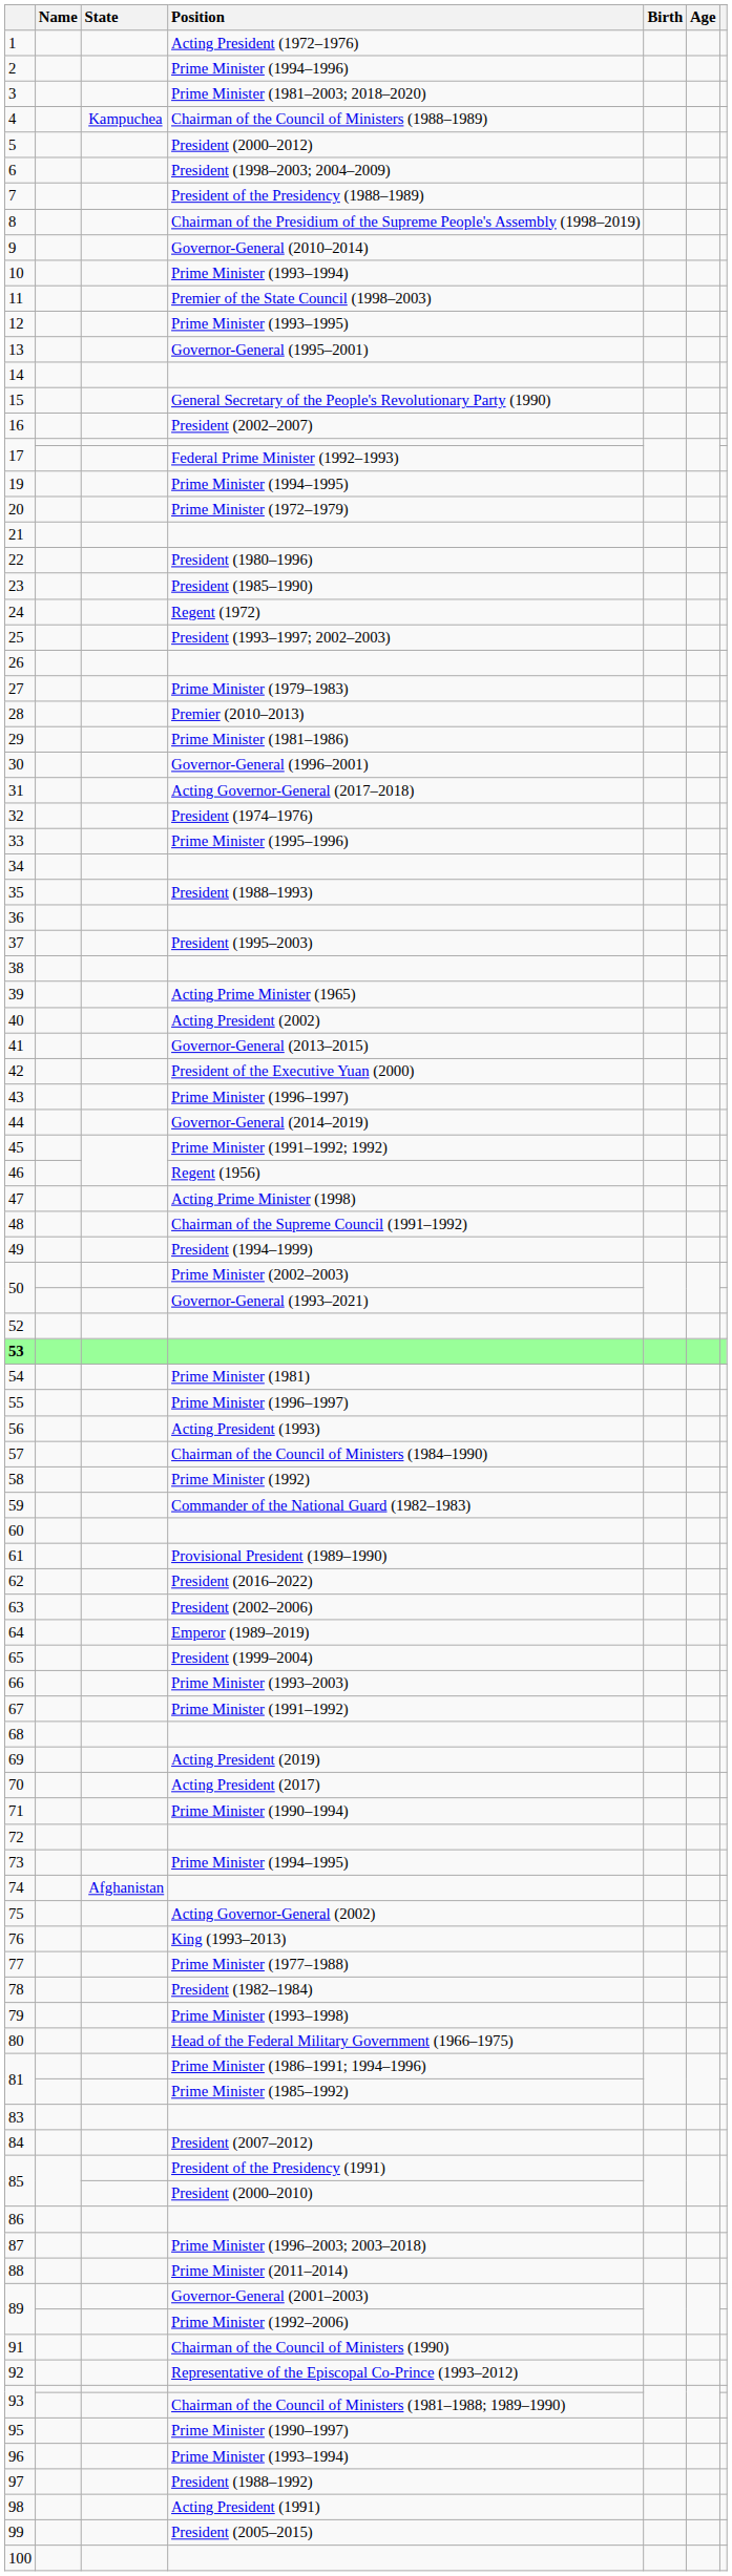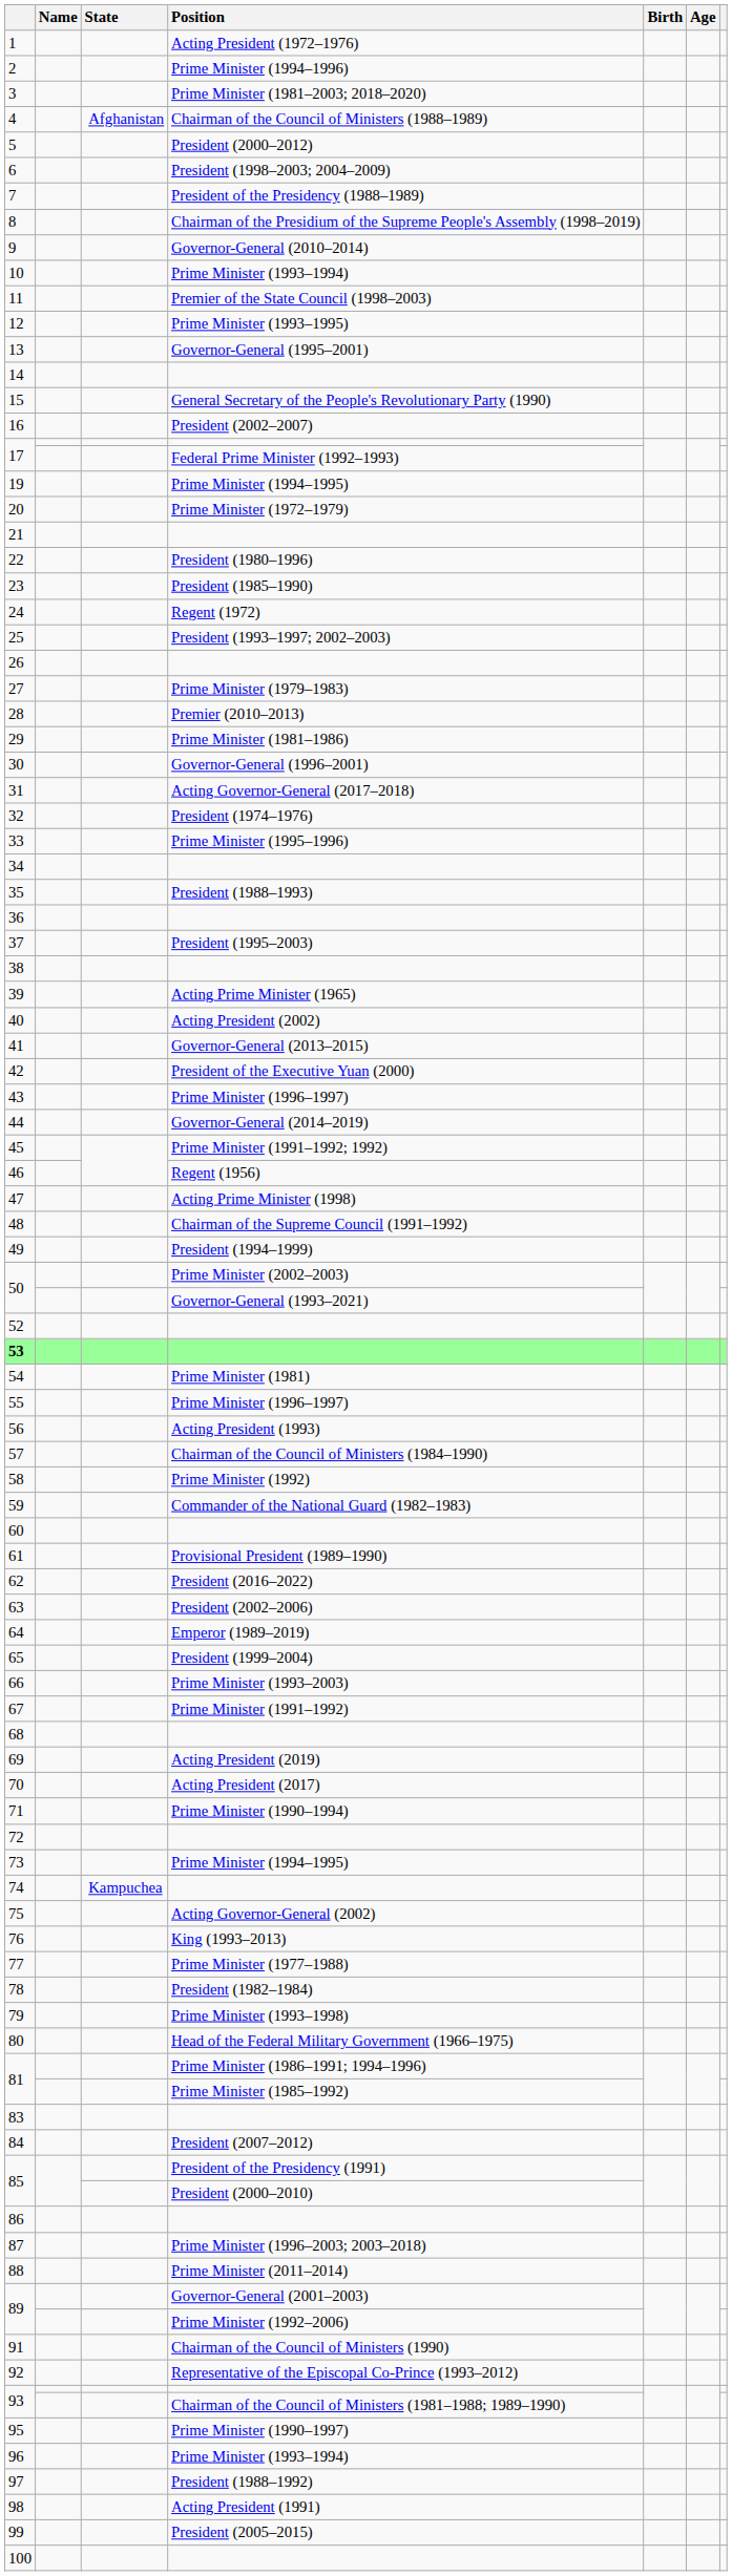 <table class="wikitable sortable" style="font-size:95%">
 <tr>
 <th style="text-align:left"></th>
 <th style="text-align:left">Name</th>
 <th style="text-align:left">State</th>
 <th style="text-align:left">Position</th>
 <th style="text-align:left">Birth</th>
 <th style="text-align:left">Age</th>
 <th style="text-align:left"></th>
 </tr>
 <tr>
 <td>1</td>
 <td></td>
 <td></td>
 <td><a href='#'>Acting President</a> (1972–1976)</td>
 <td></td>
 <td></td>
 <td></td>
 </tr>
 <tr>
 <td>2</td>
 <td></td>
 <td></td>
 <td><a href='#'>Prime Minister</a> (1994–1996)</td>
 <td></td>
 <td></td>
 <td></td>
 </tr>
 <tr>
 <td>3</td>
 <td></td>
 <td></td>
 <td><a href='#'>Prime Minister</a> (1981–2003; 2018–2020)</td>
 <td></td>
 <td></td>
 <td></td>
 </tr>
 <tr>
 <td>4</td>
 <td></td>
-<td> <a href='#'>Kampuchea</a></td>
+<td> <a href='#'>Afghanistan</a></td>
 <td><a href='#'>Chairman of the Council of Ministers</a> (1988–1989)</td>
 <td></td>
 <td></td>
 <td></td>
 </tr>
 <tr>
 <td>5</td>
 <td></td>
 <td></td>
 <td><a href='#'>President</a> (2000–2012)</td>
 <td></td>
 <td></td>
 <td></td>
 </tr>
 <tr>
 <td>6</td>
 <td></td>
 <td></td>
 <td><a href='#'>President</a> (1998–2003; 2004–2009)</td>
 <td></td>
 <td></td>
 <td></td>
 </tr>
 <tr>
 <td>7</td>
 <td></td>
 <td></td>
 <td><a href='#'>President of the Presidency</a> (1988–1989)</td>
 <td></td>
 <td></td>
 <td></td>
 </tr>
 <tr>
 <td>8</td>
 <td></td>
 <td></td>
 <td><a href='#'>Chairman of the Presidium of the Supreme People's Assembly</a> (1998–2019)</td>
 <td></td>
 <td></td>
 <td></td>
 </tr>
 <tr>
 <td>9</td>
 <td></td>
 <td></td>
 <td><a href='#'>Governor-General</a> (2010–2014)</td>
 <td></td>
 <td></td>
 <td></td>
 </tr>
 <tr>
 <td>10</td>
 <td></td>
 <td></td>
 <td><a href='#'>Prime Minister</a> (1993–1994)</td>
 <td></td>
 <td></td>
 <td></td>
 </tr>
 <tr>
 <td>11</td>
 <td></td>
 <td></td>
 <td><a href='#'>Premier of the State Council</a> (1998–2003)</td>
 <td></td>
 <td></td>
 <td></td>
 </tr>
 <tr>
 <td>12</td>
 <td></td>
 <td></td>
 <td><a href='#'>Prime Minister</a> (1993–1995)</td>
 <td></td>
 <td></td>
 <td></td>
 </tr>
 <tr>
 <td>13</td>
 <td></td>
 <td></td>
 <td><a href='#'>Governor-General</a> (1995–2001)</td>
 <td></td>
 <td></td>
 <td></td>
 </tr>
 <tr>
 <td>14</td>
 <td></td>
 <td></td>
 <td></td>
 <td></td>
 <td></td>
 <td></td>
 </tr>
 <tr>
 <td>15</td>
 <td></td>
 <td></td>
 <td><a href='#'>General Secretary of the People's Revolutionary Party</a> (1990)</td>
 <td></td>
 <td></td>
 <td></td>
 </tr>
 <tr>
 <td>16</td>
 <td></td>
 <td></td>
 <td><a href='#'>President</a> (2002–2007)</td>
 <td></td>
 <td></td>
 <td></td>
 </tr>
 <tr>
 <td rowspan=2>17</td>
 <td></td>
 <td></td>
 <td></td>
 <td rowspan=2></td>
 <td rowspan=2></td>
 <td></td>
 </tr>
 <tr>
 <td></td>
 <td></td>
 <td><a href='#'>Federal Prime Minister</a> (1992–1993)</td>
 <td></td>
 </tr>
 <tr>
 <td>19</td>
 <td></td>
 <td></td>
 <td><a href='#'>Prime Minister</a> (1994–1995)</td>
 <td></td>
 <td></td>
 <td></td>
 </tr>
 <tr>
 <td>20</td>
 <td></td>
 <td></td>
 <td><a href='#'>Prime Minister</a> (1972–1979)</td>
 <td></td>
 <td></td>
 <td></td>
 </tr>
 <tr>
 <td>21</td>
 <td></td>
 <td></td>
 <td></td>
 <td></td>
 <td></td>
 <td></td>
 </tr>
 <tr>
 <td>22</td>
 <td></td>
 <td></td>
 <td><a href='#'>President</a> (1980–1996)</td>
 <td></td>
 <td></td>
 <td></td>
 </tr>
 <tr>
 <td>23</td>
 <td></td>
 <td></td>
 <td><a href='#'>President</a> (1985–1990)</td>
 <td></td>
 <td></td>
 <td></td>
 </tr>
 <tr>
 <td>24</td>
 <td></td>
 <td></td>
 <td><a href='#'>Regent</a> (1972)</td>
 <td></td>
 <td></td>
 <td></td>
 </tr>
 <tr>
 <td>25</td>
 <td></td>
 <td></td>
 <td><a href='#'>President</a> (1993–1997; 2002–2003)</td>
 <td></td>
 <td></td>
 <td></td>
 </tr>
 <tr>
 <td>26</td>
 <td></td>
 <td></td>
 <td></td>
 <td></td>
 <td></td>
 <td></td>
 </tr>
 <tr>
 <td>27</td>
 <td></td>
 <td></td>
 <td><a href='#'>Prime Minister</a> (1979–1983)</td>
 <td></td>
 <td></td>
 <td></td>
 </tr>
 <tr>
 <td>28</td>
 <td></td>
 <td></td>
 <td><a href='#'>Premier</a> (2010–2013)</td>
 <td></td>
 <td></td>
 <td></td>
 </tr>
 <tr>
 <td>29</td>
 <td></td>
 <td></td>
 <td><a href='#'>Prime Minister</a> (1981–1986)</td>
 <td></td>
 <td></td>
 <td></td>
 </tr>
 <tr>
 <td>30</td>
 <td></td>
 <td></td>
 <td><a href='#'>Governor-General</a> (1996–2001)</td>
 <td></td>
 <td></td>
 <td></td>
 </tr>
 <tr>
 <td>31</td>
 <td></td>
 <td></td>
 <td><a href='#'>Acting Governor-General</a> (2017–2018)</td>
 <td></td>
 <td></td>
 <td></td>
 </tr>
 <tr>
 <td>32</td>
 <td></td>
 <td></td>
 <td><a href='#'>President</a> (1974–1976)</td>
 <td></td>
 <td></td>
 <td></td>
 </tr>
 <tr>
 <td>33</td>
 <td></td>
 <td></td>
 <td><a href='#'>Prime Minister</a> (1995–1996)</td>
 <td></td>
 <td></td>
 <td></td>
 </tr>
 <tr>
 <td>34</td>
 <td></td>
 <td></td>
 <td></td>
 <td></td>
 <td></td>
 <td></td>
 </tr>
 <tr>
 <td>35</td>
 <td></td>
 <td></td>
 <td><a href='#'>President</a> (1988–1993)</td>
 <td></td>
 <td></td>
 <td></td>
 </tr>
 <tr>
 <td>36</td>
 <td></td>
 <td></td>
 <td></td>
 <td></td>
 <td></td>
 <td></td>
 </tr>
 <tr>
 <td>37</td>
 <td></td>
 <td></td>
 <td><a href='#'>President</a> (1995–2003)</td>
 <td></td>
 <td></td>
 <td></td>
 </tr>
 <tr>
 <td>38</td>
 <td></td>
 <td></td>
 <td></td>
 <td></td>
 <td></td>
 <td></td>
 </tr>
 <tr>
 <td>39</td>
 <td></td>
 <td></td>
 <td><a href='#'>Acting Prime Minister</a> (1965)</td>
 <td></td>
 <td></td>
 <td></td>
 </tr>
 <tr>
 <td>40</td>
 <td></td>
 <td></td>
 <td><a href='#'>Acting President</a> (2002)</td>
 <td></td>
 <td></td>
 <td></td>
 </tr>
 <tr>
 <td>41</td>
 <td></td>
 <td></td>
 <td><a href='#'>Governor-General</a> (2013–2015)</td>
 <td></td>
 <td></td>
 <td></td>
 </tr>
 <tr>
 <td>42</td>
 <td></td>
 <td></td>
 <td><a href='#'>President of the Executive Yuan</a> (2000)</td>
 <td></td>
 <td></td>
 <td></td>
 </tr>
 <tr>
 <td>43</td>
 <td></td>
 <td></td>
 <td><a href='#'>Prime Minister</a> (1996–1997)</td>
 <td></td>
 <td></td>
 <td></td>
 </tr>
 <tr>
 <td>44</td>
 <td></td>
 <td></td>
 <td><a href='#'>Governor-General</a> (2014–2019)</td>
 <td></td>
 <td></td>
 <td></td>
 </tr>
 <tr>
 <td>45</td>
 <td></td>
 <td rowspan="2"></td>
 <td><a href='#'>Prime Minister</a> (1991–1992; 1992)</td>
 <td></td>
 <td></td>
 <td></td>
 </tr>
 <tr>
 <td>46</td>
 <td></td>
 <td><a href='#'>Regent</a> (1956)</td>
 <td></td>
 <td></td>
 <td></td>
 </tr>
 <tr>
 <td>47</td>
 <td></td>
 <td></td>
 <td><a href='#'>Acting Prime Minister</a> (1998)</td>
 <td></td>
 <td></td>
 <td></td>
 </tr>
 <tr>
 <td>48</td>
 <td></td>
 <td></td>
 <td><a href='#'>Chairman of the Supreme Council</a> (1991–1992)</td>
 <td></td>
 <td></td>
 <td></td>
 </tr>
 <tr>
 <td>49</td>
 <td></td>
 <td></td>
 <td><a href='#'>President</a> (1994–1999)</td>
 <td></td>
 <td></td>
 <td></td>
 </tr>
 <tr>
 <td rowspan=2>50</td>
 <td></td>
 <td></td>
 <td><a href='#'>Prime Minister</a> (2002–2003)</td>
 <td rowspan=2></td>
 <td rowspan=2></td>
 <td></td>
 </tr>
 <tr>
 <td></td>
 <td></td>
 <td><a href='#'>Governor-General</a> (1993–2021)</td>
 <td></td>
 </tr>
 <tr>
 <td>52</td>
 <td></td>
 <td></td>
 <td></td>
 <td></td>
 <td></td>
 <td></td>
 </tr>
 <tr bgcolor="#99FF99">
 <td><strong>53</strong></td>
 <td><strong></strong></td>
 <td><strong></strong></td>
 <td></td>
 <td></td>
 <td><strong></strong></td>
 <td></td>
 </tr>
 <tr>
 <td>54</td>
 <td></td>
 <td></td>
 <td><a href='#'>Prime Minister</a> (1981)</td>
 <td></td>
 <td></td>
 <td></td>
 </tr>
 <tr>
 <td>55</td>
 <td></td>
 <td></td>
 <td><a href='#'>Prime Minister</a> (1996–1997)</td>
 <td></td>
 <td></td>
 <td></td>
 </tr>
 <tr>
 <td>56</td>
 <td></td>
 <td></td>
 <td><a href='#'>Acting President</a> (1993)</td>
 <td></td>
 <td></td>
 <td></td>
 </tr>
 <tr>
 <td>57</td>
 <td></td>
 <td></td>
 <td><a href='#'>Chairman of the Council of Ministers</a> (1984–1990)</td>
 <td></td>
 <td></td>
 <td></td>
 </tr>
 <tr>
 <td>58</td>
 <td></td>
 <td></td>
 <td><a href='#'>Prime Minister</a> (1992)</td>
 <td></td>
 <td></td>
 <td></td>
 </tr>
 <tr>
 <td>59</td>
 <td></td>
 <td></td>
 <td><a href='#'>Commander of the National Guard</a> (1982–1983)</td>
 <td></td>
 <td></td>
 <td></td>
 </tr>
 <tr>
 <td>60</td>
 <td></td>
 <td></td>
 <td></td>
 <td></td>
 <td></td>
 <td></td>
 </tr>
 <tr>
 <td>61</td>
 <td></td>
 <td></td>
 <td><a href='#'>Provisional President</a> (1989–1990)</td>
 <td></td>
 <td></td>
 <td></td>
 </tr>
 <tr>
 <td>62</td>
 <td></td>
 <td></td>
 <td><a href='#'>President</a> (2016–2022)</td>
 <td></td>
 <td></td>
 <td></td>
 </tr>
 <tr>
 <td>63</td>
 <td></td>
 <td></td>
 <td><a href='#'>President</a> (2002–2006)</td>
 <td></td>
 <td></td>
 <td></td>
 </tr>
 <tr>
 <td>64</td>
 <td></td>
 <td></td>
 <td><a href='#'>Emperor</a> (1989–2019)</td>
 <td></td>
 <td></td>
 <td></td>
 </tr>
 <tr>
 <td>65</td>
 <td></td>
 <td></td>
 <td><a href='#'>President</a> (1999–2004)</td>
 <td></td>
 <td></td>
 <td></td>
 </tr>
 <tr>
 <td>66</td>
 <td></td>
 <td></td>
 <td><a href='#'>Prime Minister</a> (1993–2003)</td>
 <td></td>
 <td></td>
 <td></td>
 </tr>
 <tr>
 <td>67</td>
 <td></td>
 <td></td>
 <td><a href='#'>Prime Minister</a> (1991–1992)</td>
 <td></td>
 <td></td>
 <td></td>
 </tr>
 <tr>
 <td>68</td>
 <td></td>
 <td></td>
 <td></td>
 <td></td>
 <td></td>
 <td></td>
 </tr>
 <tr>
 <td>69</td>
 <td></td>
 <td></td>
 <td><a href='#'>Acting President</a> (2019)</td>
 <td></td>
 <td></td>
 <td></td>
 </tr>
 <tr>
 <td>70</td>
 <td></td>
 <td></td>
 <td><a href='#'>Acting President</a> (2017)</td>
 <td></td>
 <td></td>
 <td></td>
 </tr>
 <tr>
 <td>71</td>
 <td></td>
 <td></td>
 <td><a href='#'>Prime Minister</a> (1990–1994)</td>
 <td></td>
 <td></td>
 <td></td>
 </tr>
 <tr>
 <td>72</td>
 <td></td>
 <td></td>
 <td></td>
 <td></td>
 <td></td>
 <td></td>
 </tr>
 <tr>
 <td>73</td>
 <td></td>
 <td></td>
 <td><a href='#'>Prime Minister</a> (1994–1995)</td>
 <td></td>
 <td></td>
 <td></td>
 </tr>
 <tr>
 <td>74</td>
 <td></td>
-<td> <a href='#'>Afghanistan</a></td>
+<td> <a href='#'>Kampuchea</a></td>
 <td></td>
 <td></td>
 <td></td>
 <td></td>
 </tr>
 <tr>
 <td>75</td>
 <td></td>
 <td></td>
 <td><a href='#'>Acting Governor-General</a> (2002)</td>
 <td></td>
 <td></td>
 <td></td>
 </tr>
 <tr>
 <td>76</td>
 <td></td>
 <td></td>
 <td><a href='#'>King</a> (1993–2013)</td>
 <td></td>
 <td></td>
 <td></td>
 </tr>
 <tr>
 <td>77</td>
 <td></td>
 <td></td>
 <td><a href='#'>Prime Minister</a> (1977–1988)</td>
 <td></td>
 <td></td>
 <td></td>
 </tr>
 <tr>
 <td>78</td>
 <td></td>
 <td></td>
 <td><a href='#'>President</a> (1982–1984)</td>
 <td></td>
 <td></td>
 <td></td>
 </tr>
 <tr>
 <td>79</td>
 <td></td>
 <td></td>
 <td><a href='#'>Prime Minister</a> (1993–1998)</td>
 <td></td>
 <td></td>
 <td></td>
 </tr>
 <tr>
 <td>80</td>
 <td></td>
 <td></td>
 <td><a href='#'>Head of the Federal Military Government</a> (1966–1975)</td>
 <td></td>
 <td></td>
 <td></td>
 </tr>
 <tr>
 <td rowspan=2>81</td>
 <td></td>
 <td></td>
 <td><a href='#'>Prime Minister</a> (1986–1991; 1994–1996)</td>
 <td rowspan=2></td>
 <td rowspan=2></td>
 <td></td>
 </tr>
 <tr>
 <td></td>
 <td></td>
 <td><a href='#'>Prime Minister</a> (1985–1992)</td>
 <td></td>
 </tr>
 <tr>
 <td>83</td>
 <td></td>
 <td></td>
 <td></td>
 <td></td>
 <td></td>
 <td></td>
 </tr>
 <tr>
 <td>84</td>
 <td></td>
 <td></td>
 <td><a href='#'>President</a> (2007–2012)</td>
 <td></td>
 <td></td>
 <td></td>
 </tr>
 <tr>
 <td rowspan="2">85</td>
 <td rowspan="2"></td>
 <td></td>
 <td><a href='#'>President of the Presidency</a> (1991)</td>
 <td rowspan="2"></td>
 <td rowspan="2"></td>
 <td rowspan="2"></td>
 </tr>
 <tr>
 <td></td>
 <td><a href='#'>President</a> (2000–2010)</td>
 </tr>
 <tr>
 <td>86</td>
 <td></td>
 <td></td>
 <td></td>
 <td></td>
 <td></td>
 <td></td>
 </tr>
 <tr>
 <td>87</td>
 <td></td>
 <td></td>
 <td><a href='#'>Prime Minister</a> (1996–2003; 2003–2018)</td>
 <td></td>
 <td></td>
 <td></td>
 </tr>
 <tr>
 <td>88</td>
 <td></td>
 <td></td>
 <td><a href='#'>Prime Minister</a> (2011–2014)</td>
 <td></td>
 <td></td>
 <td></td>
 </tr>
 <tr>
 <td rowspan=2>89</td>
 <td></td>
 <td></td>
 <td><a href='#'>Governor-General</a> (2001–2003)</td>
 <td rowspan=2></td>
 <td rowspan=2></td>
 <td></td>
 </tr>
 <tr>
 <td></td>
 <td></td>
 <td><a href='#'>Prime Minister</a> (1992–2006)</td>
 <td></td>
 </tr>
 <tr>
 <td>91</td>
 <td></td>
 <td></td>
 <td><a href='#'>Chairman of the Council of Ministers</a> (1990)</td>
 <td></td>
 <td></td>
 <td></td>
 </tr>
 <tr>
 <td>92</td>
 <td></td>
 <td></td>
 <td><a href='#'>Representative of the Episcopal Co-Prince</a> (1993–2012)</td>
 <td></td>
 <td></td>
 <td></td>
 </tr>
 <tr>
 <td rowspan=2>93</td>
 <td></td>
 <td></td>
 <td></td>
 <td rowspan=2></td>
 <td rowspan=2></td>
 <td></td>
 </tr>
 <tr>
 <td></td>
 <td></td>
 <td><a href='#'>Chairman of the Council of Ministers</a> (1981–1988; 1989–1990)</td>
 <td></td>
 </tr>
 <tr>
 <td>95</td>
 <td></td>
 <td></td>
 <td><a href='#'>Prime Minister</a> (1990–1997)</td>
 <td></td>
 <td></td>
 <td></td>
 </tr>
 <tr>
 <td>96</td>
 <td></td>
 <td></td>
 <td><a href='#'>Prime Minister</a> (1993–1994)</td>
 <td></td>
 <td></td>
 <td></td>
 </tr>
 <tr>
 <td>97</td>
 <td></td>
 <td></td>
 <td><a href='#'>President</a> (1988–1992)</td>
 <td></td>
 <td></td>
 <td></td>
 </tr>
 <tr>
 <td>98</td>
 <td></td>
 <td></td>
 <td><a href='#'>Acting President</a> (1991)</td>
 <td></td>
 <td></td>
 <td></td>
 </tr>
 <tr>
 <td>99</td>
 <td></td>
 <td></td>
 <td><a href='#'>President</a> (2005–2015)</td>
 <td></td>
 <td></td>
 <td></td>
 </tr>
 <tr>
 <td>100</td>
 <td></td>
 <td></td>
 <td></td>
 <td></td>
 <td></td>
 <td><br></td>
 </tr>
 </table>
